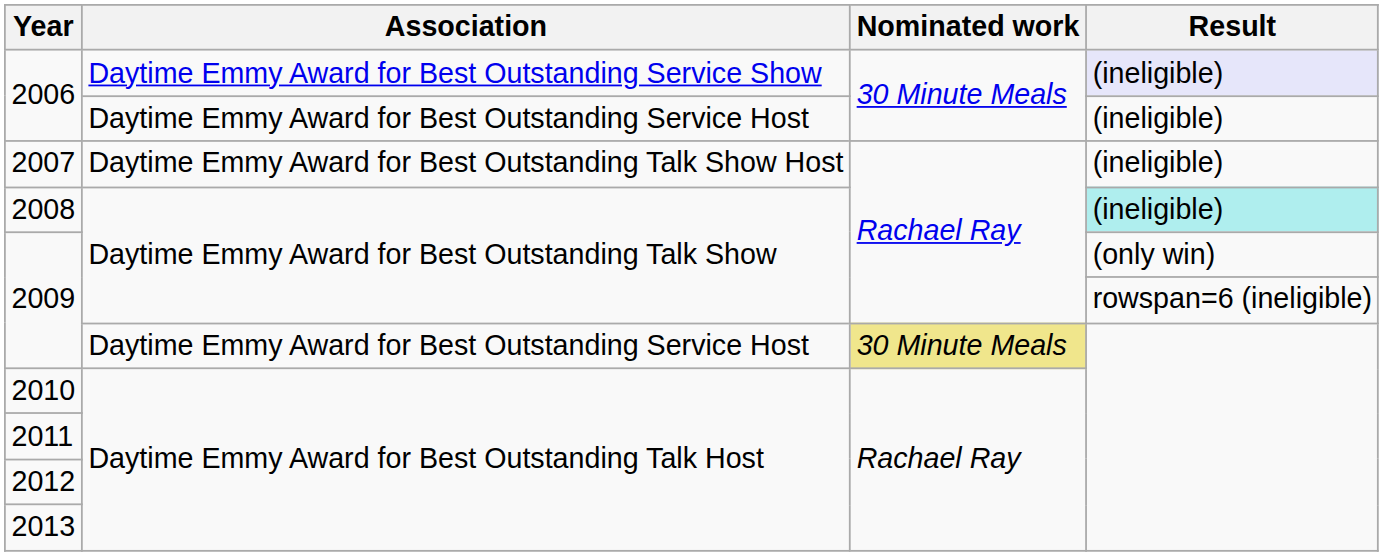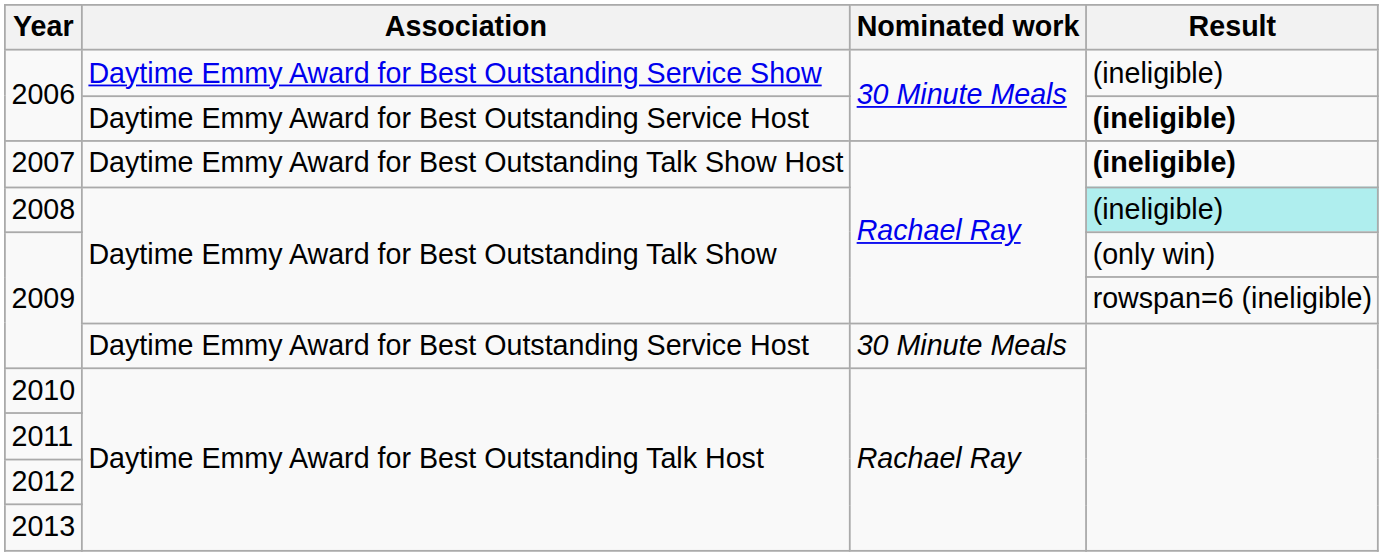 <table class="wikitable sortable">
 <tr>
 <th>Year</th>
 <th>Association</th>
 <th>Nominated work</th>
 <th>Result</th>
 </tr>
 <tr>
 <td rowspan=2>2006</td>
 <td><a href='#'>Daytime Emmy Award for Best Outstanding Service Show</a></td>
 <td rowspan=2><em><a href='#'>30 Minute Meals</a></em></td>
-<td style="background: lavender;"> (ineligible)</td>
+<td> (ineligible)</td>
 </tr>
 <tr>
 <td>Daytime Emmy Award for Best Outstanding Service Host</td>
-<td> (ineligible)</td>
+<td><strong> (ineligible)</strong></td>
 </tr>
 <tr>
 <td>2007</td>
 <td>Daytime Emmy Award for Best Outstanding Talk Show Host</td>
 <td rowspan=4><em><a href='#'>Rachael Ray</a></em></td>
-<td> (ineligible)</td>
+<td><strong> (ineligible)</strong></td>
 </tr>
 <tr>
 <td>2008</td>
 <td rowspan=3>Daytime Emmy Award for Best Outstanding Talk Show</td>
 <td style="background: paleturquoise;"> (ineligible)</td>
 </tr>
 <tr>
 <td rowspan=3>2009</td>
 <td> (only win)</td>
 </tr>
 <tr>
 <td>rowspan=6  (ineligible)</td>
 </tr>
 <tr>
 <td>Daytime Emmy Award for Best Outstanding Service Host</td>
-<td style="background: khaki;"><em>30 Minute Meals</em></td>
+<td><em>30 Minute Meals</em></td>
 </tr>
 <tr>
 <td>2010</td>
 <td rowspan=4>Daytime Emmy Award for Best Outstanding Talk Host</td>
 <td rowspan=4><em>Rachael Ray</em></td>
 </tr>
 <tr>
 <td>2011</td>
 </tr>
 <tr>
 <td>2012</td>
 </tr>
 <tr>
 <td>2013</td>
 </tr>
 </table>
